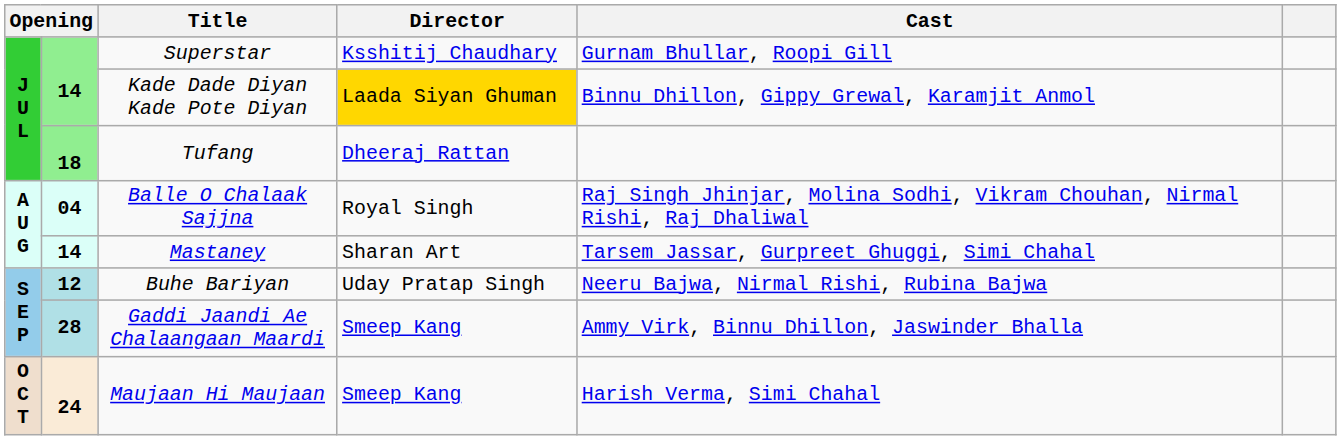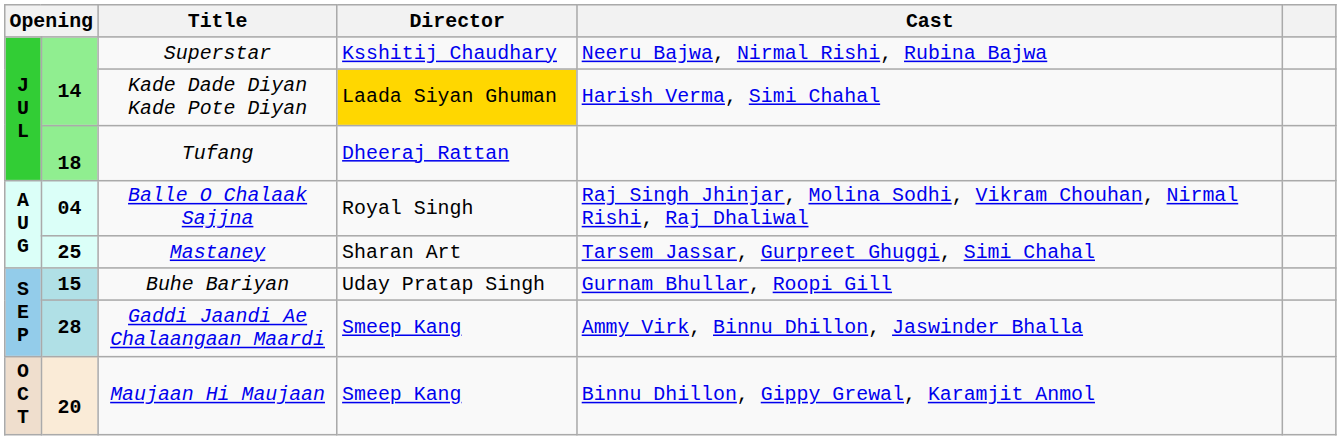 <table class="wikitable sortable">
 <tr>
 <th colspan="2" style="width:6%">Opening</th>
 <th style="width:18%">Title</th>
 <th style="width:18%">Director</th>
 <th>Cast</th>
 <th style="width:4%;"></th>
 </tr>
 <tr>
 <th rowspan="3" style="text-align:center; background:#32CD35; textcolor:#000;">J<br>U<br>L</th>
 <td rowspan="2" style="text-align:center;background:#90EE90;"><br><strong>14</strong></td>
 <td style="text-align:center;"><em>Superstar</em></td>
 <td><a href='#'>Ksshitij Chaudhary</a></td>
-<td><a href='#'>Gurnam Bhullar</a>, <a href='#'>Roopi Gill</a></td>
+<td><a href='#'>Neeru Bajwa</a>, <a href='#'>Nirmal Rishi</a>, <a href='#'>Rubina Bajwa</a></td>
 <td></td>
 </tr>
 <tr>
 <td style="text-align:center;"><em>Kade Dade Diyan Kade Pote Diyan</em></td>
 <td style="background: gold;">Laada Siyan Ghuman</td>
-<td><a href='#'>Binnu Dhillon</a>, <a href='#'>Gippy Grewal</a>, <a href='#'>Karamjit Anmol</a></td>
+<td><a href='#'>Harish Verma</a>, <a href='#'>Simi Chahal</a></td>
 <td></td>
 </tr>
 <tr>
 <td rowspan="1" style="text-align:center;background:#90EE90;"><br><strong>18</strong></td>
 <td style="text-align:center;"><em>Tufang </em></td>
 <td><a href='#'>Dheeraj Rattan</a></td>
 <td></td>
 <td></td>
 </tr>
 <tr August>
 <th rowspan="2" style="text-align:center; background:#dbfff8; textcolor:#000;">A<br>U<br>G</th>
 <td rowspan="1" style="text-align:center;background:#dbfff8;"><strong>04</strong></td>
 <td style="text-align:center;"><em><a href='#'>Balle O Chalaak Sajjna</a></em></td>
 <td>Royal Singh</td>
 <td><a href='#'>Raj Singh Jhinjar</a>, <a href='#'>Molina Sodhi</a>, <a href='#'>Vikram Chouhan</a>, <a href='#'>Nirmal Rishi</a>, <a href='#'>Raj Dhaliwal</a></td>
 <td></td>
 </tr>
 <tr>
-<td rowspan="1" style="text-align:center;background:#dbfff8;"><strong>14</strong></td>
+<td rowspan="1" style="text-align:center;background:#dbfff8;"><strong>25</strong></td>
 <td style="text-align:center;"><em><a href='#'>Mastaney</a></em></td>
 <td>Sharan Art</td>
 <td><a href='#'>Tarsem Jassar</a>, <a href='#'>Gurpreet Ghuggi</a>, <a href='#'>Simi Chahal</a></td>
 </tr>
 <tr September>
 <th rowspan="2" style="text-align:center; background:#93CCEA; textcolor:#000;">S<br>E<br>P</th>
-<td rowspan="1" style="text-align:center;background:#B0E0E6;"><strong>12</strong></td>
+<td rowspan="1" style="text-align:center;background:#B0E0E6;"><strong>15</strong></td>
 <td style="text-align:center;"><em>Buhe Bariyan</em></td>
 <td>Uday Pratap Singh</td>
-<td><a href='#'>Neeru Bajwa</a>, <a href='#'>Nirmal Rishi</a>, <a href='#'>Rubina Bajwa</a></td>
+<td><a href='#'>Gurnam Bhullar</a>, <a href='#'>Roopi Gill</a></td>
 <td></td>
 </tr>
 <tr>
 <td rowspan="1" style="text-align:center;background:#B0E0E6;"><strong>28</strong></td>
 <td style="text-align:center;"><em><a href='#'>Gaddi Jaandi Ae Chalaangaan Maardi</a></em></td>
 <td><a href='#'>Smeep Kang</a></td>
 <td><a href='#'>Ammy Virk</a>, <a href='#'>Binnu Dhillon</a>, <a href='#'>Jaswinder Bhalla</a></td>
 <td></td>
 </tr>
 <tr October>
 <th style="text-align:center; background:#EFDECD; textcolor:#000;">O<br>C<br>T</th>
-<td rowspan="1" style="text-align:center;background:#FAEBD7;"><br><strong>24</strong></td>
+<td rowspan="1" style="text-align:center;background:#FAEBD7;"><br><strong>20</strong></td>
 <td style="text-align:center;"><em><a href='#'>Maujaan Hi Maujaan</a></em></td>
 <td><a href='#'>Smeep Kang</a></td>
-<td><a href='#'>Harish Verma</a>, <a href='#'>Simi Chahal</a></td>
+<td><a href='#'>Binnu Dhillon</a>, <a href='#'>Gippy Grewal</a>, <a href='#'>Karamjit Anmol</a></td>
 <td></td>
 </tr>
 </table>
